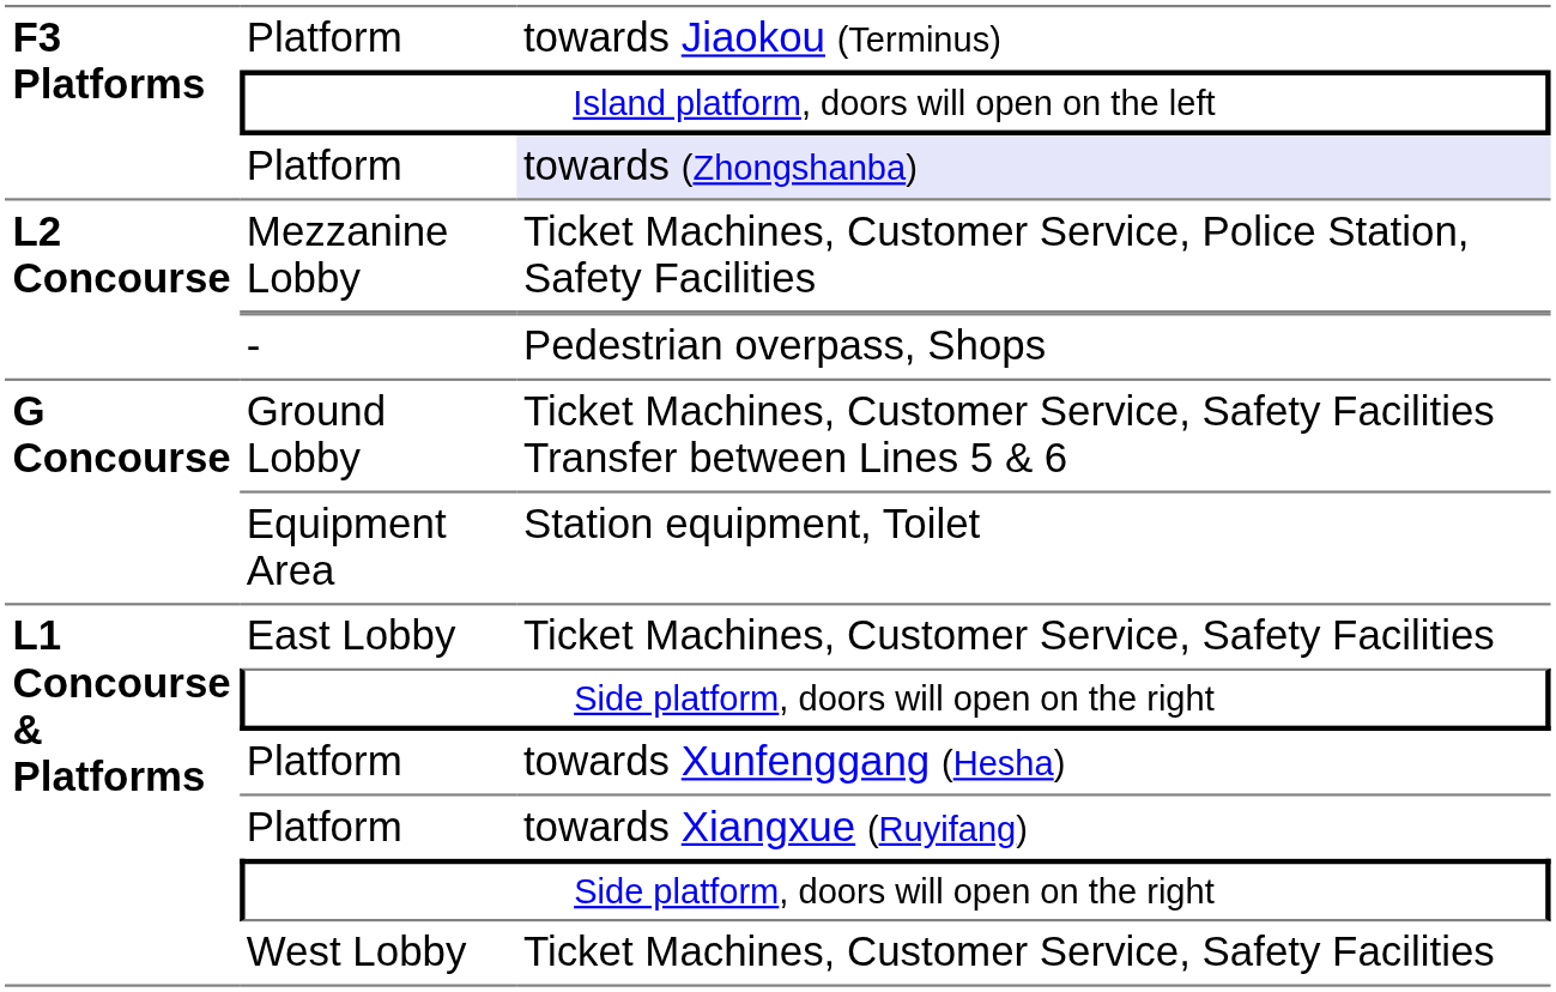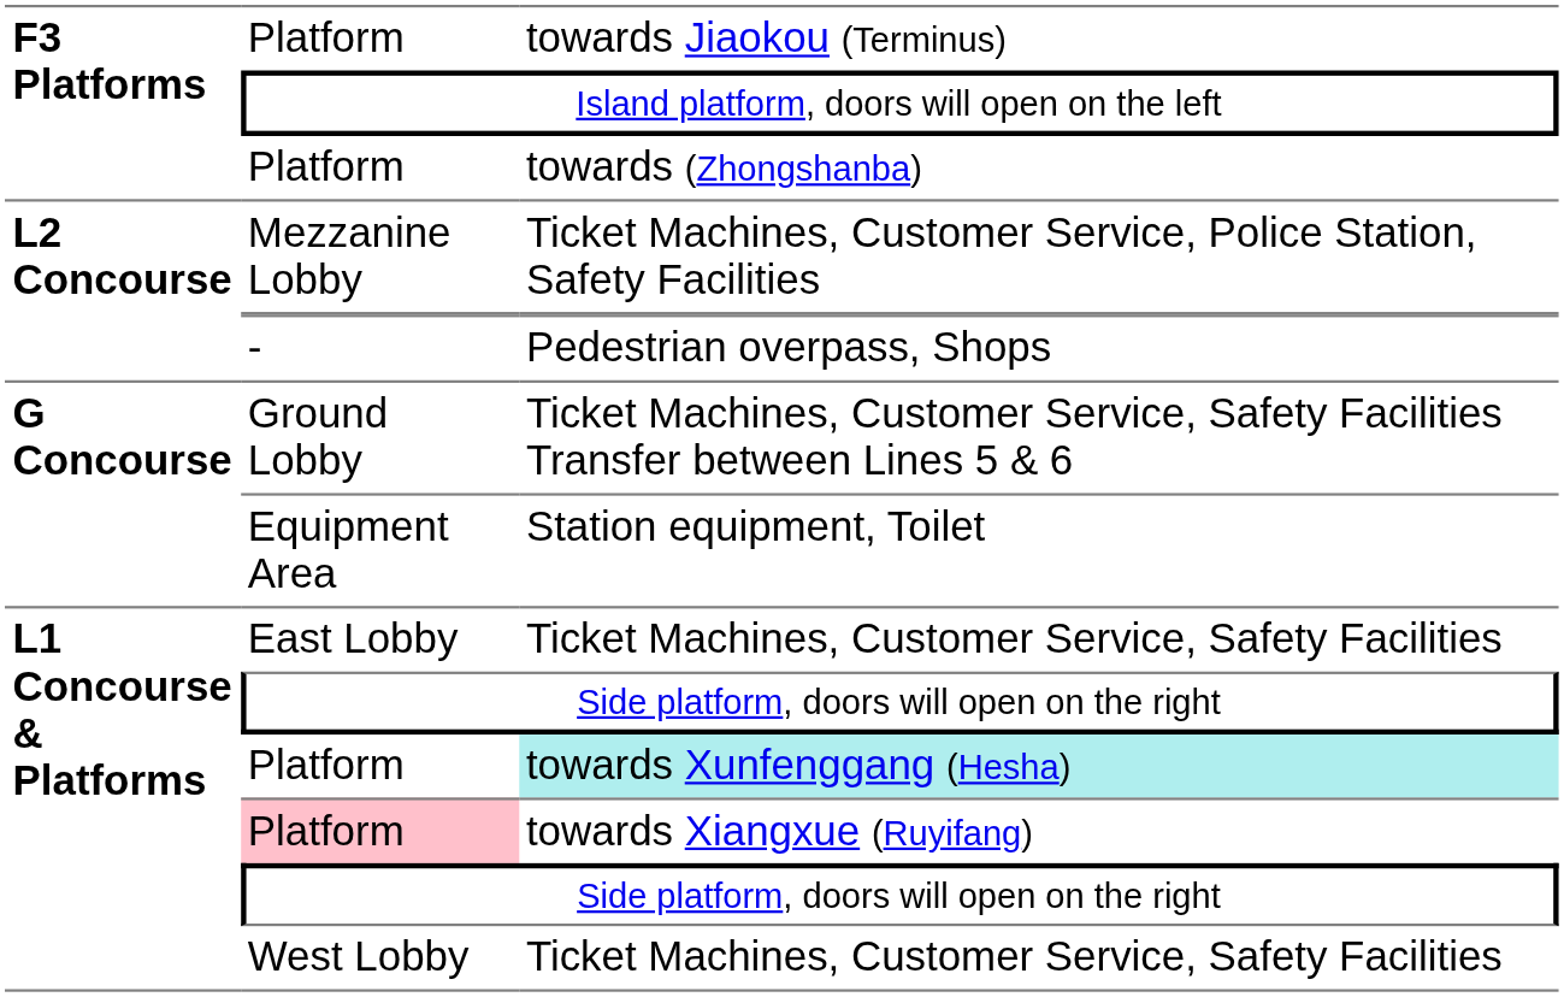 <table table border=0 cellspacing=0 cellpadding=3>
 <tr>
 <td style="border-top:solid 1px gray;" rowspan=3 valign=top><strong>F3<br>Platforms</strong></td>
 <td style="border-top:solid 1px gray;">Platform </td>
 <td style="border-top:solid 1px gray;">  towards <a href='#'>Jiaokou</a> <small>(Terminus)</small></td>
 </tr>
 <tr>
 <td style="border-top:solid 2px black;border-right:solid 2px black;border-left:solid 2px black;border-bottom:solid 2px black;font-size:smaller;text-align:center;" colspan=2><a href='#'>Island platform</a>, doors will open on the left</td>
 </tr>
 <tr>
 <td>Platform </td>
-<td style="background: lavender;"> towards  <small>(<a href='#'>Zhongshanba</a>)</small> </td>
+<td> towards  <small>(<a href='#'>Zhongshanba</a>)</small> </td>
 </tr>
 <tr>
 <td style="border-bottom:solid 1px gray; border-top:solid 1px gray;" valign=top width=50 rowspan=2><strong>L2<br>Concourse</strong></td>
 <td style="border-bottom:solid 1px gray; border-top:solid 1px gray;" valign=top width=100>Mezzanine Lobby</td>
 <td style="border-bottom:solid 1px gray; border-top:solid 1px gray;" valign=top width=390>Ticket Machines, Customer Service, Police Station, Safety Facilities</td>
 </tr>
 <tr>
 <td style="border-bottom:solid 1px gray; border-top:solid 1px gray;" valign=top>-</td>
 <td style="border-bottom:solid 1px gray; border-top:solid 1px gray;" valign=top>Pedestrian overpass, Shops</td>
 </tr>
 <tr>
 <td valign=top width=50 rowspan=2><strong>G<br>Concourse</strong></td>
 <td style="border-bottom:solid 1px gray;" valign=top width=100>Ground Lobby</td>
 <td style="border-bottom:solid 1px gray;" valign=top width=390>Ticket Machines, Customer Service, Safety Facilities<br>Transfer between Lines 5 & 6</td>
 </tr>
 <tr>
 <td valign=top width=100>Equipment Area</td>
 <td valign=top width=390>Station equipment, Toilet</td>
 </tr>
 <tr>
 <td style="border-bottom:solid 1px gray; border-top:solid 1px gray;" valign=top rowspan=6><strong>L1<br>Concourse & Platforms</strong></td>
 <td style="border-top:solid 1px gray;" valign=top width=100>East Lobby</td>
 <td style="border-top:solid 1px gray;" valign=top width=390>Ticket Machines, Customer Service, Safety Facilities</td>
 </tr>
 <tr>
 <td style="border-top:solid 1px gray;border-right:solid 2px black;border-left:solid 2px black;border-bottom:solid 2px black;font-size:smaller;text-align:center;" colspan=2><a href='#'>Side platform</a>, doors will open on the right</td>
 </tr>
 <tr>
 <td style="border-top:solid 0px gray;">Platform </td>
-<td style="border-top:solid 0px gray;">  towards <a href='#'>Xunfenggang</a> <small>(<a href='#'>Hesha</a>)</small></td>
+<td style="background: paleturquoise; border-top:solid 0px gray;">  towards <a href='#'>Xunfenggang</a> <small>(<a href='#'>Hesha</a>)</small></td>
 </tr>
 <tr>
-<td style="border-top:solid 1px gray;">Platform </td>
+<td style="background: pink; border-top:solid 1px gray;">Platform </td>
 <td style="border-top:solid 1px gray;"> towards <a href='#'>Xiangxue</a> <small>(<a href='#'>Ruyifang</a>)</small> </td>
 </tr>
 <tr>
 <td style="border-bottom:solid 1px gray;border-right:solid 2px black;border-left:solid 2px black;border-top:solid 2px black;font-size:smaller;text-align:center;" colspan=2><a href='#'>Side platform</a>, doors will open on the right</td>
 </tr>
 <tr>
 <td style="border-bottom:solid 1px gray;" valign=top width=100>West Lobby</td>
 <td style="border-bottom:solid 1px gray;" valign=top width=390>Ticket Machines, Customer Service, Safety Facilities</td>
 </tr>
 </table>
